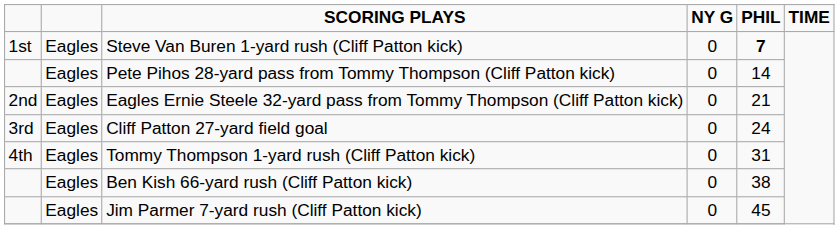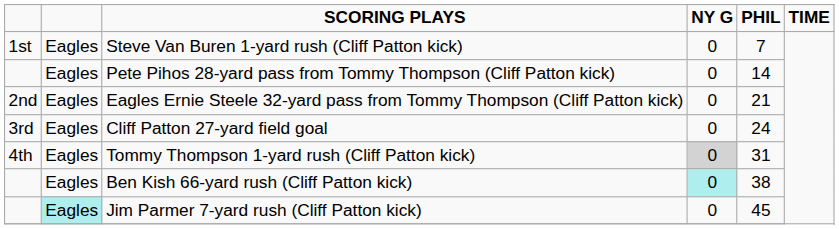 <table class="wikitable">
 <tr align=center>
 <td></td>
 <td></td>
 <td><strong>SCORING PLAYS</strong></td>
 <td><strong>NY G</strong></td>
 <td><strong>PHIL</strong></td>
 <td><strong>TIME</strong></td>
 </tr>
 <tr align=left>
 <td>1st</td>
 <td>Eagles</td>
 <td>Steve Van Buren 1-yard rush (Cliff Patton kick)</td>
 <td - align="center">0</td>
-<td - align="center"><strong>7</strong></td>
+<td - align="center">7</td>
 </tr>
 <tr align=left>
 <td></td>
 <td>Eagles</td>
 <td>Pete Pihos 28-yard pass from Tommy Thompson (Cliff Patton kick)</td>
 <td - align="center">0</td>
 <td - align="center">14</td>
 </tr>
 <tr align=left>
 <td>2nd</td>
 <td>Eagles</td>
 <td>Eagles	Ernie Steele 32-yard pass from Tommy Thompson (Cliff Patton kick)</td>
 <td - align="center">0</td>
 <td - align="center">21</td>
 </tr>
 <tr align=left>
 <td>3rd</td>
 <td>Eagles</td>
 <td>Cliff Patton 27-yard field goal</td>
 <td - align="center">0</td>
 <td - align="center">24</td>
 </tr>
 <tr align=left>
 <td>4th</td>
 <td>Eagles</td>
 <td>Tommy Thompson 1-yard rush (Cliff Patton kick)</td>
-<td - align="center">0</td>
+<td - align="center" style="background: lightgrey;">0</td>
 <td - align="center">31</td>
 </tr>
 <tr align=left>
 <td></td>
 <td>Eagles</td>
 <td>Ben Kish 66-yard rush (Cliff Patton kick)</td>
-<td - align="center">0</td>
+<td - align="center" style="background: paleturquoise;">0</td>
 <td - align="center">38</td>
 </tr>
 <tr align=left>
 <td></td>
-<td>Eagles</td>
+<td style="background: paleturquoise;">Eagles</td>
 <td>Jim Parmer 7-yard rush (Cliff Patton kick)</td>
 <td - align="center">0</td>
 <td - align="center">45</td>
 </tr>
 <tr align=left>
 </tr>
 </table>
